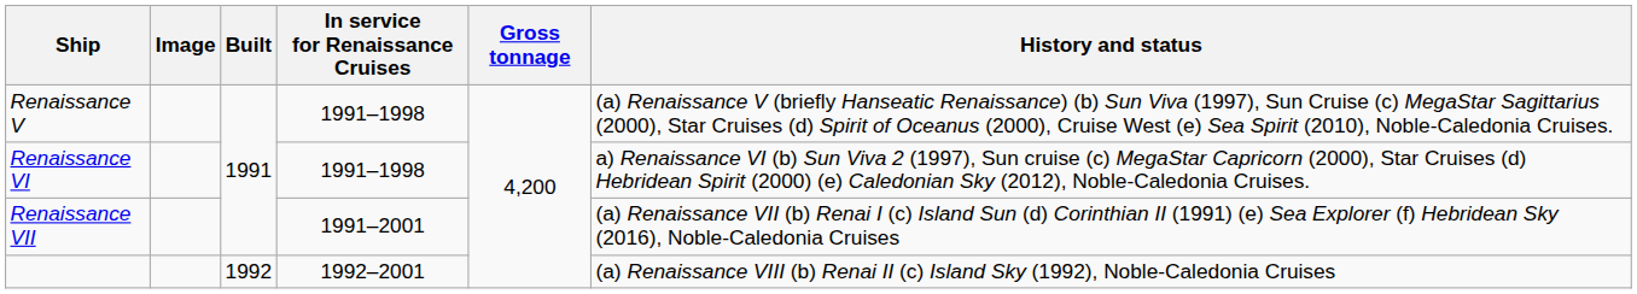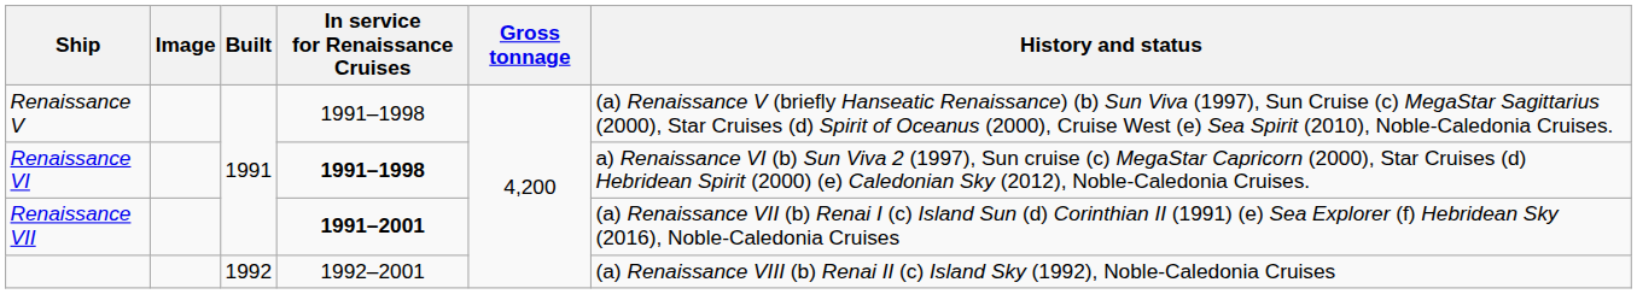 <table class="wikitable">
 <tr>
 <th>Ship</th>
 <th>Image</th>
 <th>Built</th>
 <th>In service<br>for Renaissance Cruises</th>
 <th><a href='#'>Gross tonnage</a></th>
 <th>History and status</th>
 </tr>
 <tr>
 <td><em>Renaissance V</em></td>
 <td></td>
 <td align="Center" rowspan="3">1991</td>
 <td align="Center">1991–1998</td>
 <td align="Center" rowspan="4">4,200</td>
 <td>(a) <em>Renaissance V</em> (briefly <em>Hanseatic Renaissance</em>) (b) <em>Sun Viva</em> (1997), Sun Cruise (c) <em>MegaStar Sagittarius</em> (2000), Star Cruises (d) <em>Spirit of Oceanus</em> (2000), Cruise West (e) <em>Sea Spirit</em> (2010),  Noble-Caledonia Cruises.</td>
 </tr>
 <tr>
 <td><em><a href='#'>Renaissance VI</a></em></td>
 <td></td>
-<td align="Center">1991–1998</td>
+<td align="Center"><strong>1991–1998</strong></td>
 <td>a) <em>Renaissance VI</em> (b) <em>Sun Viva 2</em> (1997), Sun cruise (c) <em>MegaStar Capricorn</em> (2000), Star Cruises (d) <em>Hebridean Spirit</em> (2000) (e) <em>Caledonian Sky</em> (2012), Noble-Caledonia Cruises.</td>
 </tr>
 <tr>
 <td><em><a href='#'>Renaissance VII</a></em></td>
 <td></td>
-<td align="Center">1991–2001</td>
+<td align="Center"><strong>1991–2001</strong></td>
 <td>(a) <em>Renaissance VII</em> (b) <em>Renai I</em> (c) <em>Island Sun</em> (d) <em>Corinthian II</em> (1991) (e) <em>Sea Explorer</em> (f) <em>Hebridean Sky</em> (2016), Noble-Caledonia Cruises</td>
 </tr>
 <tr>
 <td></td>
 <td></td>
 <td align="Center">1992</td>
 <td align="Center">1992–2001</td>
 <td>(a) <em>Renaissance VIII</em> (b) <em>Renai II</em> (c) <em>Island Sky</em> (1992),  Noble-Caledonia Cruises</td>
 </tr>
 </table>
